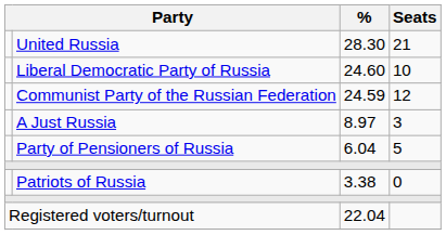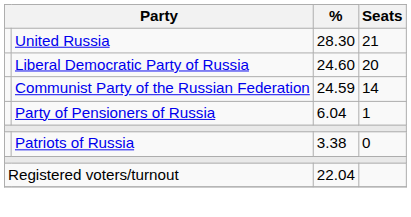 <table class="wikitable">
 <tr>
 <th colspan=2>Party</th>
 <th>%</th>
 <th>Seats</th>
 </tr>
 <tr>
 <td style="background:"></td>
 <td><a href='#'>United Russia</a></td>
 <td>28.30</td>
 <td>21</td>
 </tr>
 <tr>
 <td style="background:"></td>
 <td><a href='#'>Liberal Democratic Party of Russia</a></td>
 <td>24.60</td>
-<td>10</td>
+<td>20</td>
 </tr>
 <tr>
 <td style="background:"></td>
 <td><a href='#'>Communist Party of the Russian Federation</a></td>
 <td>24.59</td>
-<td>12</td>
-</tr>
-<tr>
-<td style="background:"></td>
-<td><a href='#'>A Just Russia</a></td>
-<td>8.97</td>
-<td>3</td>
+<td>14</td>
 </tr>
 <tr>
 <td style="background:"></td>
 <td><a href='#'>Party of Pensioners of Russia</a></td>
 <td>6.04</td>
-<td>5</td>
+<td>1</td>
 </tr>
 <tr>
 <td colspan=4 style="background:#E9E9E9;"></td>
 </tr>
 <tr>
 <td style="background:"></td>
 <td><a href='#'>Patriots of Russia</a></td>
 <td>3.38</td>
 <td>0</td>
 </tr>
 <tr>
 <td colspan=4 style="background:#E9E9E9;"></td>
 </tr>
 <tr>
 <td align=left colspan=2>Registered voters/turnout</td>
 <td>22.04</td>
 <td></td>
 </tr>
 <tr>
 </tr>
 </table>
